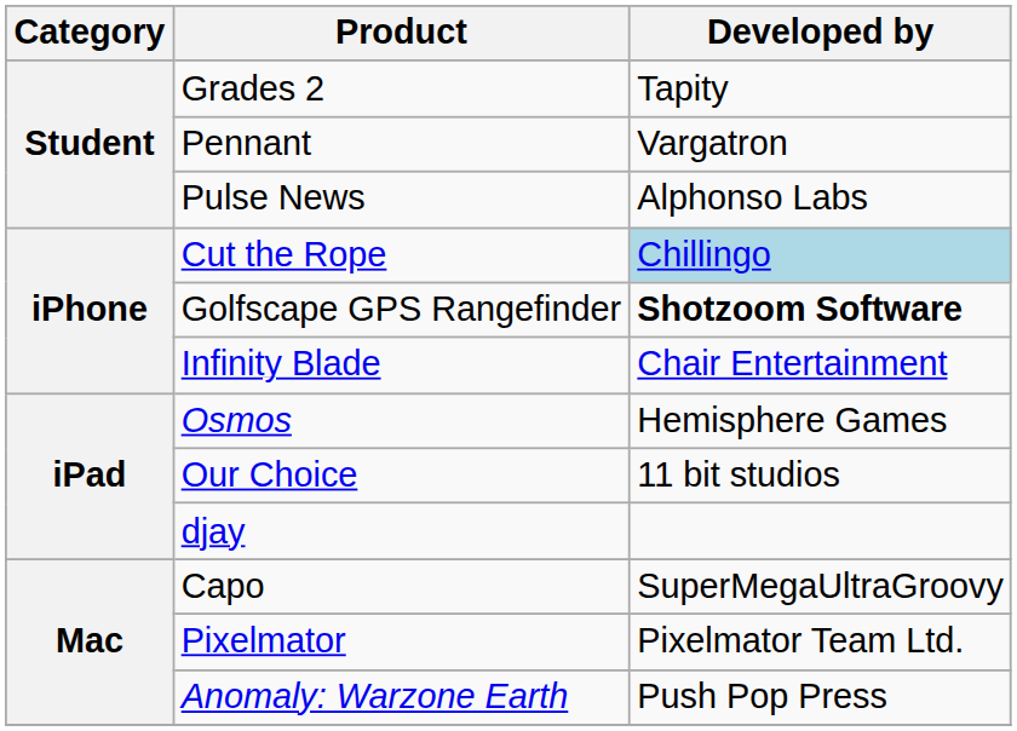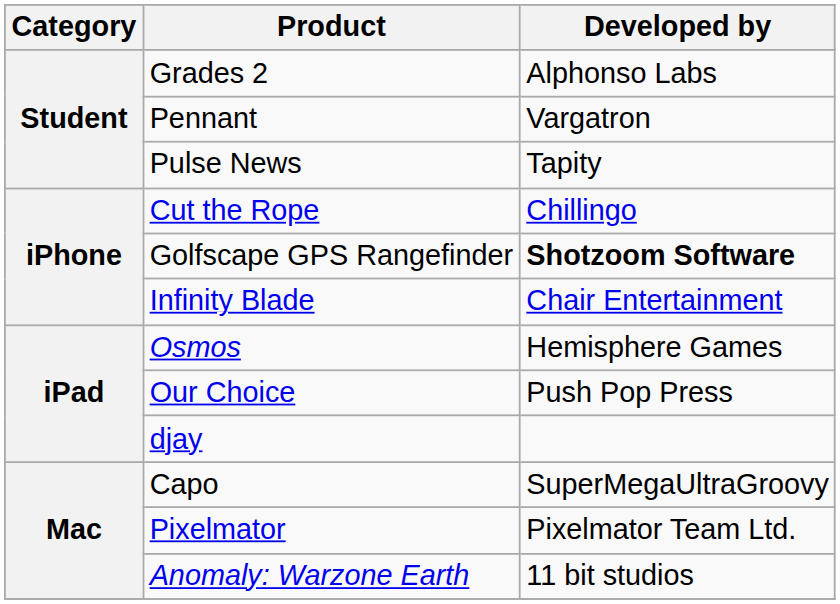 <table class="wikitable">
 <tr>
 <th>Category</th>
 <th>Product</th>
 <th>Developed by</th>
 </tr>
 <tr>
 <th rowspan="3">Student</th>
 <td>Grades 2</td>
-<td>Tapity</td>
+<td>Alphonso Labs</td>
 </tr>
 <tr>
 <td>Pennant</td>
 <td>Vargatron</td>
 </tr>
 <tr>
 <td>Pulse News</td>
-<td>Alphonso Labs</td>
+<td>Tapity</td>
 </tr>
 <tr>
 <th rowspan="3">iPhone</th>
 <td><a href='#'>Cut the Rope</a></td>
-<td style="background: lightblue;"><a href='#'>Chillingo</a></td>
+<td><a href='#'>Chillingo</a></td>
 </tr>
 <tr>
 <td>Golfscape GPS Rangefinder</td>
 <td><strong>Shotzoom Software</strong></td>
 </tr>
 <tr>
 <td><a href='#'>Infinity Blade</a></td>
 <td><a href='#'>Chair Entertainment</a></td>
 </tr>
 <tr>
 <th rowspan="3">iPad</th>
 <td><em><a href='#'>Osmos</a></em></td>
 <td>Hemisphere Games</td>
 </tr>
 <tr>
 <td><a href='#'>Our Choice</a></td>
-<td>11 bit studios</td>
+<td>Push Pop Press</td>
 </tr>
 <tr>
 <td><a href='#'>djay</a></td>
 <td></td>
 </tr>
 <tr>
 <th rowspan="3">Mac</th>
 <td>Capo</td>
 <td>SuperMegaUltraGroovy</td>
 </tr>
 <tr>
 <td><a href='#'>Pixelmator</a></td>
 <td>Pixelmator Team Ltd.</td>
 </tr>
 <tr>
 <td><em><a href='#'>Anomaly: Warzone Earth</a></em></td>
-<td>Push Pop Press</td>
+<td>11 bit studios</td>
 </tr>
 <tr>
 </tr>
 </table>
